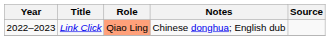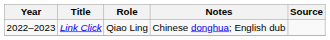 <table class="wikitable sortable">
 <tr>
 <th>Year</th>
 <th>Title</th>
 <th>Role</th>
 <th>Notes</th>
 <th>Source</th>
 </tr>
 <tr>
 <td>2022–2023</td>
 <td><em><a href='#'>Link Click</a></em></td>
-<td style="background: lightsalmon;">Qiao Ling</td>
+<td>Qiao Ling</td>
 <td>Chinese <a href='#'>donghua</a>; English dub</td>
 <td></td>
 </tr>
 <tr>
 </tr>
 </table>
